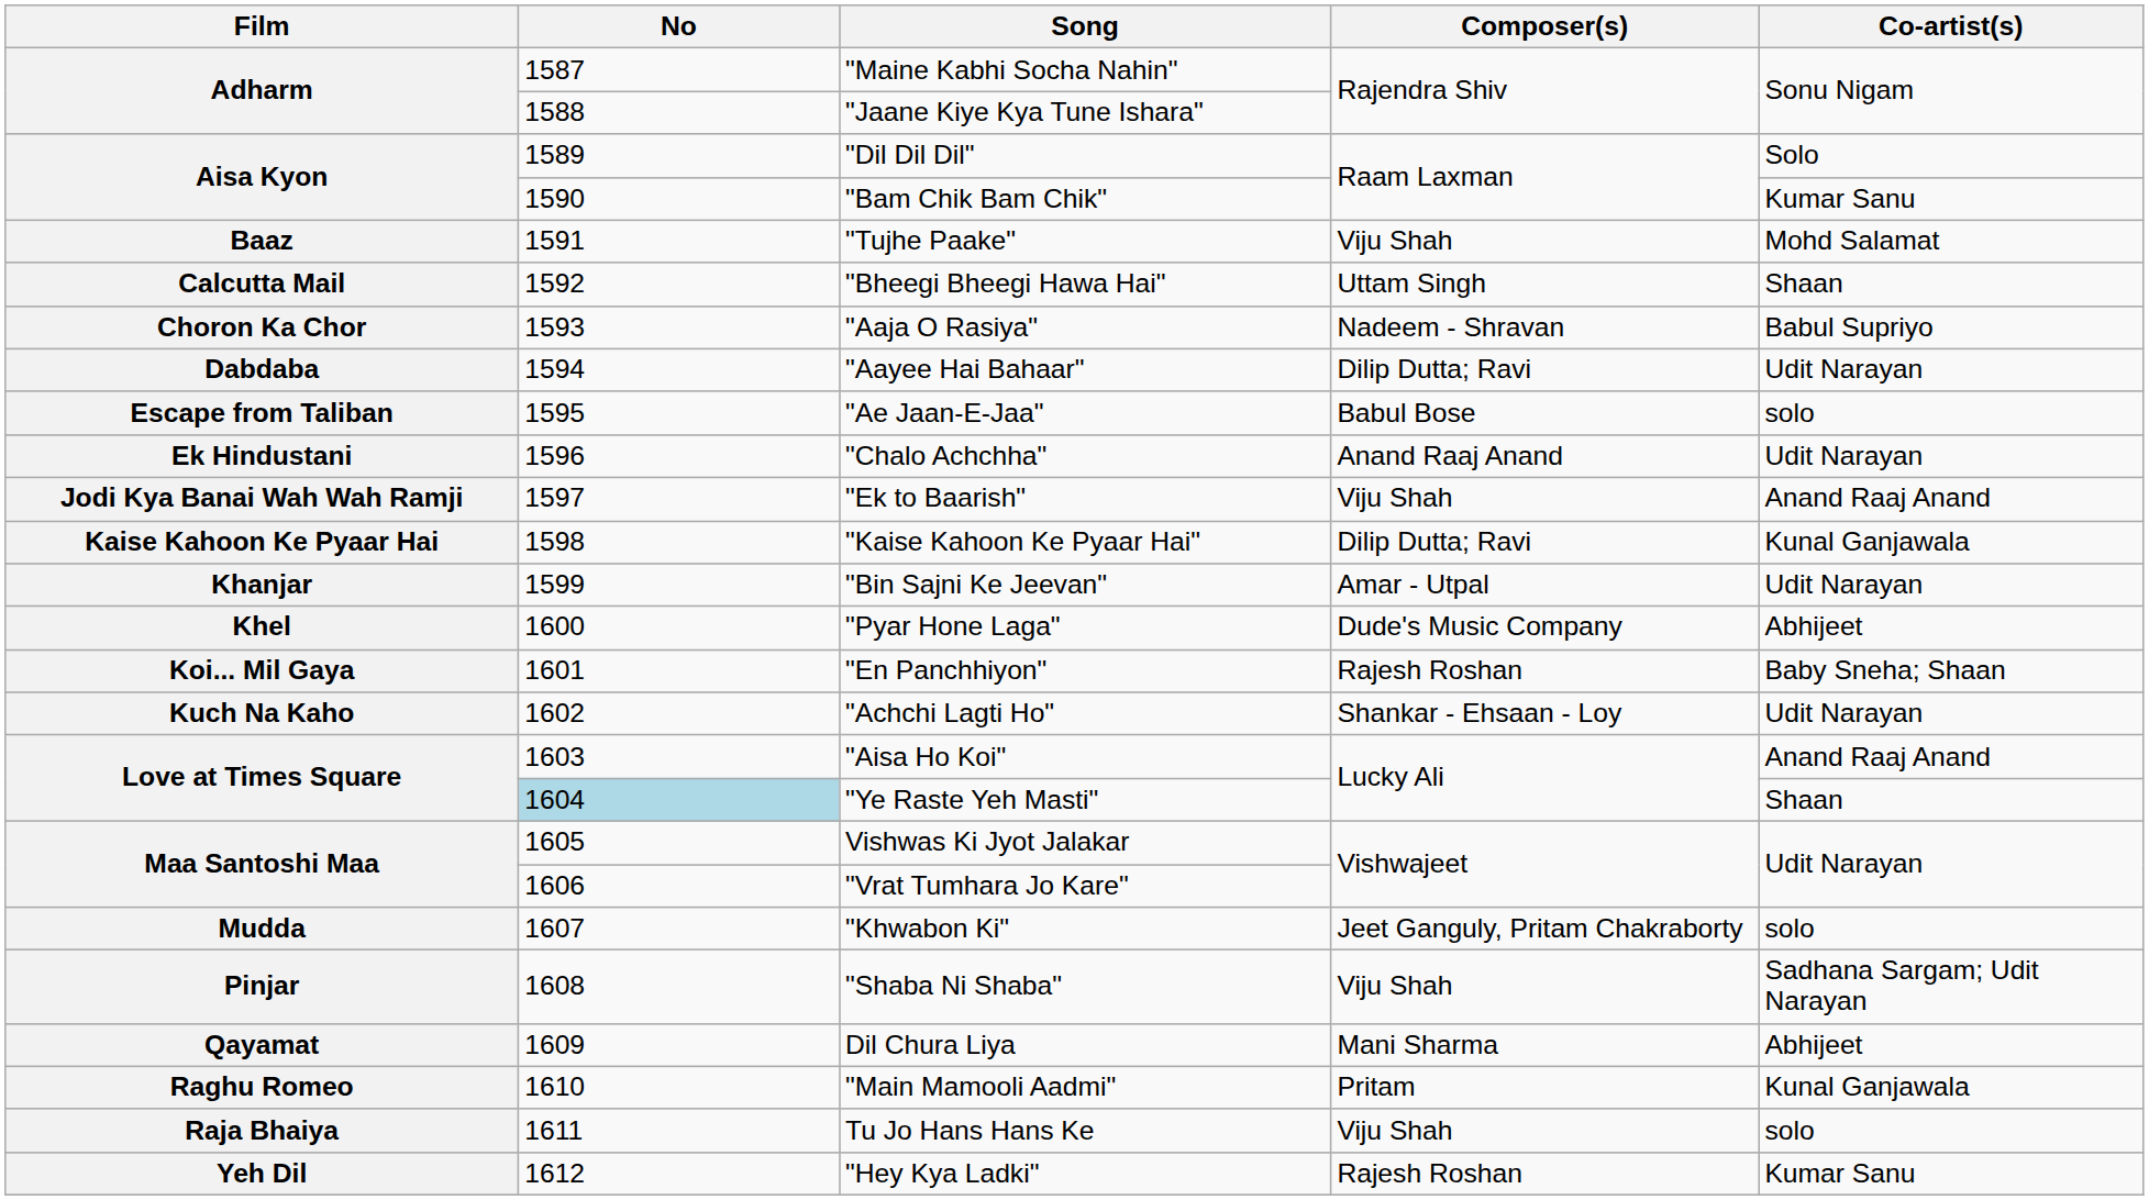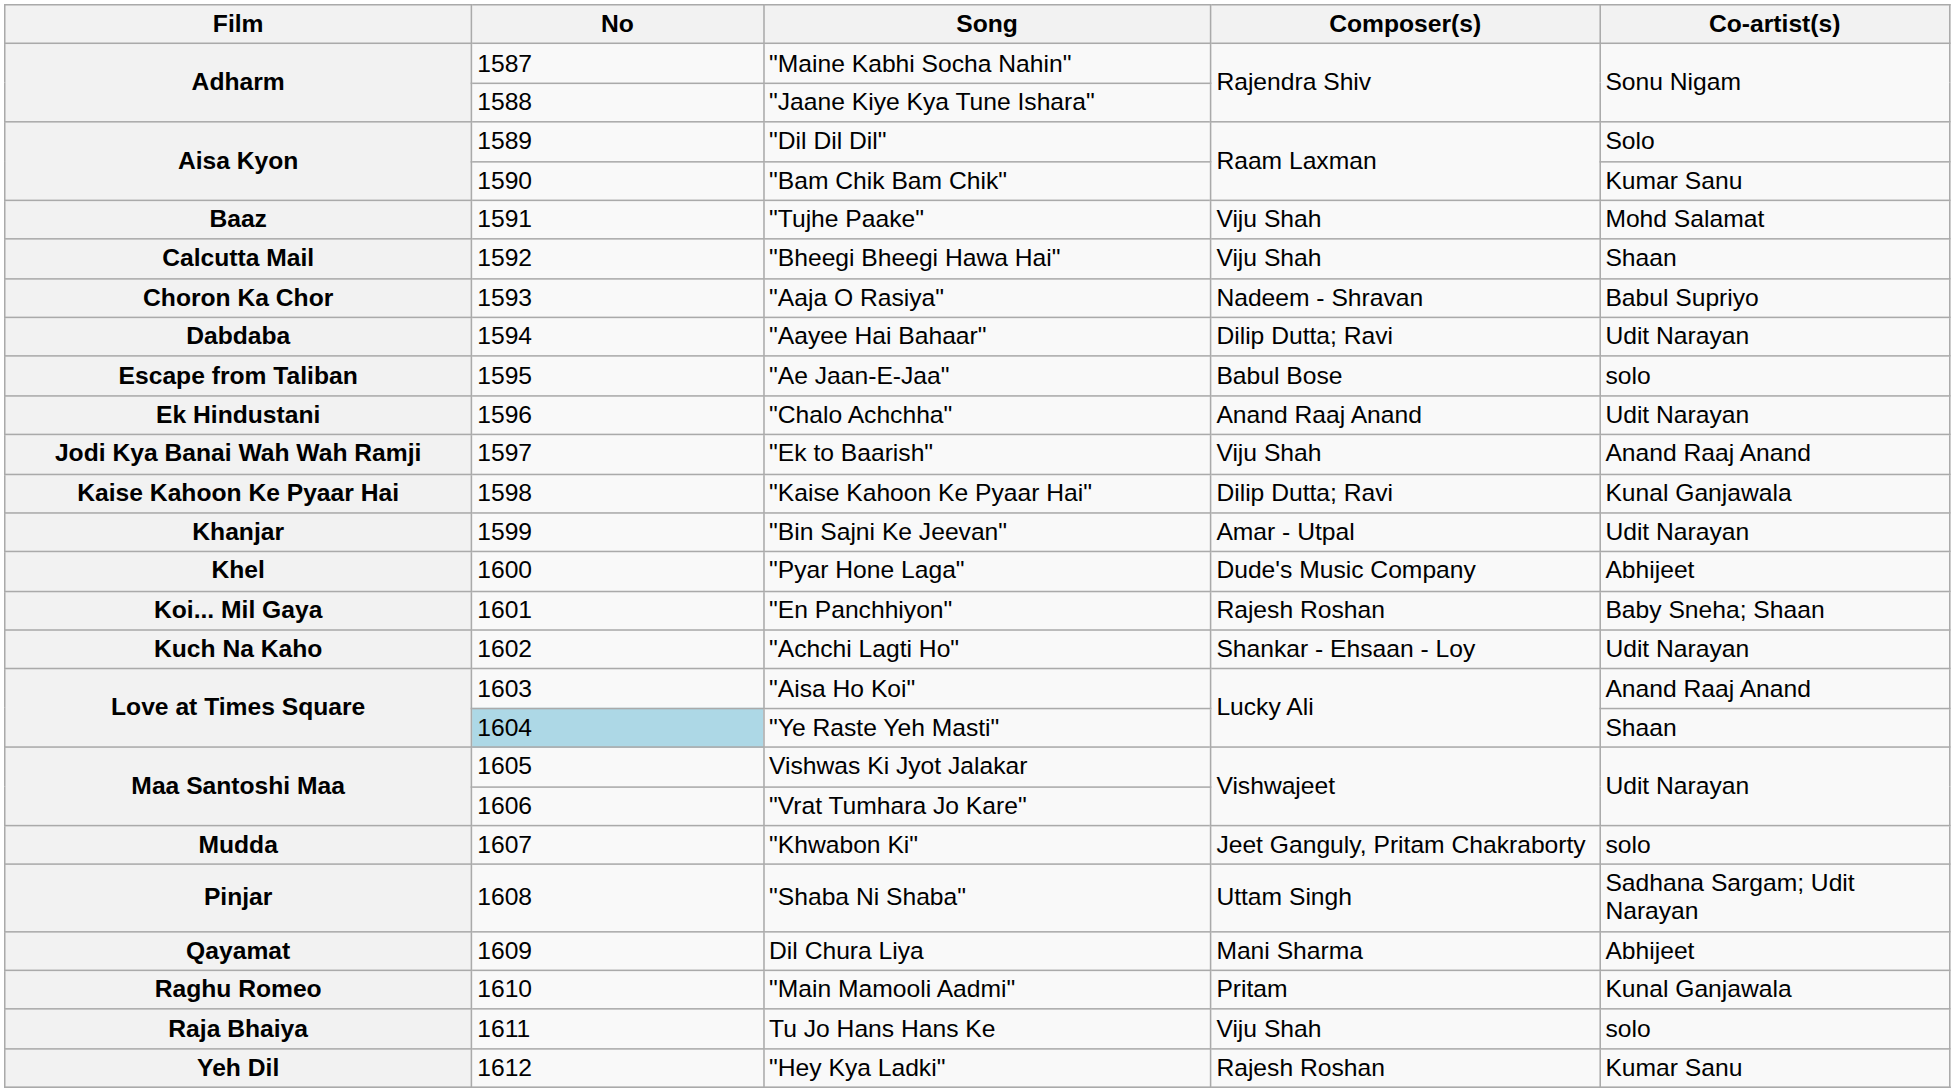 <table class="wikitable plainrowheaders" style="width:100%; textcolor:#000">
 <tr>
 <th scope="col" style="width:24%;">Film</th>
 <th>No</th>
 <th scope="col" style="width:23%;">Song</th>
 <th scope="col" style="width:20%;">Composer(s)</th>
 <th scope="col" style="width:18%;">Co-artist(s)</th>
 </tr>
 <tr>
 <th rowspan=2>Adharm</th>
 <td>1587</td>
 <td>"Maine Kabhi Socha Nahin"</td>
 <td rowspan=2>Rajendra Shiv</td>
 <td rowspan=2>Sonu Nigam</td>
 </tr>
 <tr>
 <td>1588</td>
 <td>"Jaane Kiye Kya Tune Ishara"</td>
 </tr>
 <tr>
 <th rowspan=2>Aisa Kyon</th>
 <td>1589</td>
 <td>"Dil Dil Dil"</td>
 <td rowspan=2>Raam Laxman</td>
 <td>Solo</td>
 </tr>
 <tr>
 <td>1590</td>
 <td>"Bam Chik Bam Chik"</td>
 <td>Kumar Sanu</td>
 </tr>
 <tr>
 <th>Baaz</th>
 <td>1591</td>
 <td>"Tujhe Paake"</td>
 <td>Viju Shah</td>
 <td>Mohd Salamat</td>
 </tr>
 <tr>
 <th>Calcutta Mail</th>
 <td>1592</td>
 <td>"Bheegi Bheegi Hawa Hai"</td>
-<td>Uttam Singh</td>
+<td>Viju Shah</td>
 <td>Shaan</td>
 </tr>
 <tr>
 <th>Choron Ka Chor</th>
 <td>1593</td>
 <td>"Aaja O Rasiya"</td>
 <td>Nadeem - Shravan</td>
 <td>Babul Supriyo</td>
 </tr>
 <tr>
 <th>Dabdaba</th>
 <td>1594</td>
 <td>"Aayee Hai Bahaar"</td>
 <td>Dilip Dutta; Ravi</td>
 <td>Udit Narayan</td>
 </tr>
 <tr>
 <th>Escape from Taliban</th>
 <td>1595</td>
 <td>"Ae Jaan-E-Jaa"</td>
 <td>Babul Bose</td>
 <td>solo</td>
 </tr>
 <tr>
 <th>Ek Hindustani</th>
 <td>1596</td>
 <td>"Chalo Achchha"</td>
 <td>Anand Raaj Anand</td>
 <td>Udit Narayan</td>
 </tr>
 <tr>
 <th>Jodi Kya Banai Wah Wah Ramji</th>
 <td>1597</td>
 <td>"Ek to Baarish"</td>
 <td>Viju Shah</td>
 <td>Anand Raaj Anand</td>
 </tr>
 <tr>
 <th>Kaise Kahoon Ke Pyaar Hai</th>
 <td>1598</td>
 <td>"Kaise Kahoon Ke Pyaar Hai"</td>
 <td>Dilip Dutta; Ravi</td>
 <td>Kunal Ganjawala</td>
 </tr>
 <tr>
 <th>Khanjar</th>
 <td>1599</td>
 <td>"Bin Sajni Ke Jeevan"</td>
 <td>Amar - Utpal</td>
 <td>Udit Narayan</td>
 </tr>
 <tr>
 <th>Khel</th>
 <td>1600</td>
 <td>"Pyar Hone Laga"</td>
 <td>Dude's Music Company</td>
 <td>Abhijeet</td>
 </tr>
 <tr>
 <th>Koi... Mil Gaya</th>
 <td>1601</td>
 <td>"En Panchhiyon"</td>
 <td>Rajesh Roshan</td>
 <td>Baby Sneha; Shaan</td>
 </tr>
 <tr>
 <th>Kuch Na Kaho</th>
 <td>1602</td>
 <td>"Achchi Lagti Ho"</td>
 <td>Shankar - Ehsaan - Loy</td>
 <td>Udit Narayan</td>
 </tr>
 <tr>
 <th rowspan=2>Love at Times Square</th>
 <td>1603</td>
 <td>"Aisa Ho Koi"</td>
 <td rowspan=2>Lucky Ali</td>
 <td>Anand Raaj Anand</td>
 </tr>
 <tr>
 <td style="background: lightblue;">1604</td>
 <td>"Ye Raste Yeh Masti"</td>
 <td>Shaan</td>
 </tr>
 <tr>
 <th rowspan=2>Maa Santoshi Maa</th>
 <td>1605</td>
 <td>Vishwas Ki Jyot Jalakar</td>
 <td rowspan=2>Vishwajeet</td>
 <td rowspan=2>Udit Narayan</td>
 </tr>
 <tr>
 <td>1606</td>
 <td>"Vrat Tumhara Jo Kare"</td>
 </tr>
 <tr>
 <th>Mudda</th>
 <td>1607</td>
 <td>"Khwabon Ki"</td>
 <td>Jeet Ganguly, Pritam Chakraborty</td>
 <td>solo</td>
 </tr>
 <tr>
 <th>Pinjar</th>
 <td>1608</td>
 <td>"Shaba Ni Shaba"</td>
-<td>Viju Shah</td>
+<td>Uttam Singh</td>
 <td>Sadhana Sargam; Udit Narayan</td>
 </tr>
 <tr>
 <th>Qayamat</th>
 <td>1609</td>
 <td>Dil Chura Liya</td>
 <td>Mani Sharma</td>
 <td>Abhijeet</td>
 </tr>
 <tr>
 <th>Raghu Romeo</th>
 <td>1610</td>
 <td>"Main Mamooli Aadmi"</td>
 <td>Pritam</td>
 <td>Kunal Ganjawala</td>
 </tr>
 <tr>
 <th>Raja Bhaiya</th>
 <td>1611</td>
 <td>Tu Jo Hans Hans Ke</td>
 <td>Viju Shah</td>
 <td>solo</td>
 </tr>
 <tr>
 <th>Yeh Dil</th>
 <td>1612</td>
 <td>"Hey Kya Ladki"</td>
 <td>Rajesh Roshan</td>
 <td>Kumar Sanu</td>
 </tr>
 <tr>
 </tr>
 </table>
